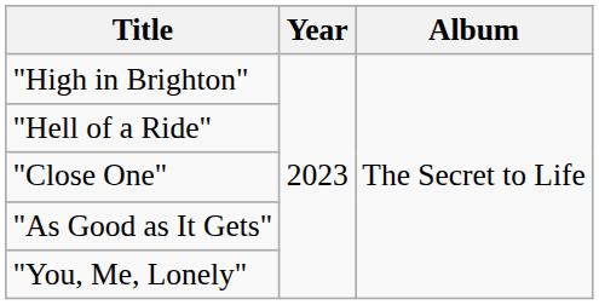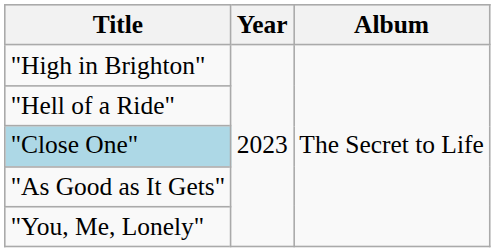 <table class="wikitable">
 <tr>
 <th>Title</th>
 <th>Year</th>
 <th>Album</th>
 </tr>
 <tr>
 <td>"High in Brighton"</td>
 <td rowspan="5">2023</td>
 <td rowspan="5">The Secret to Life</td>
 </tr>
 <tr>
 <td>"Hell of a Ride"</td>
 </tr>
 <tr>
-<td>"Close One"</td>
+<td style="background: lightblue;">"Close One"</td>
 </tr>
 <tr>
 <td>"As Good as It Gets"</td>
 </tr>
 <tr>
 <td>"You, Me, Lonely"</td>
 </tr>
 </table>
